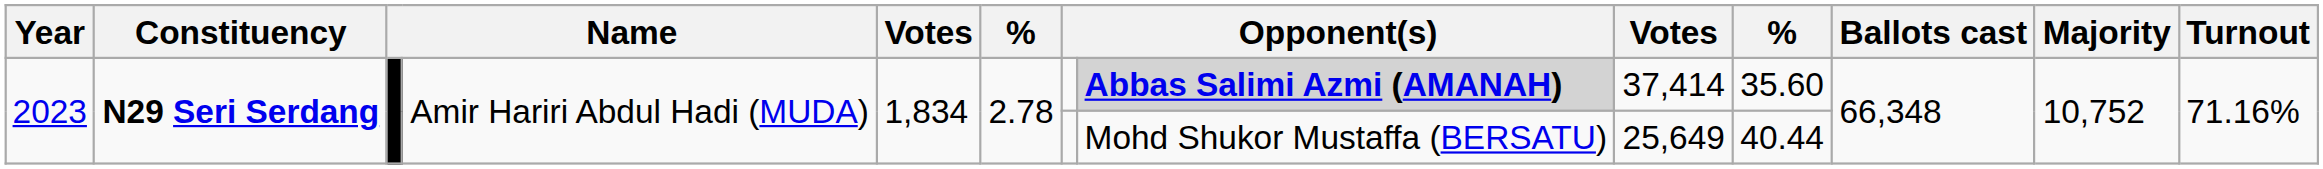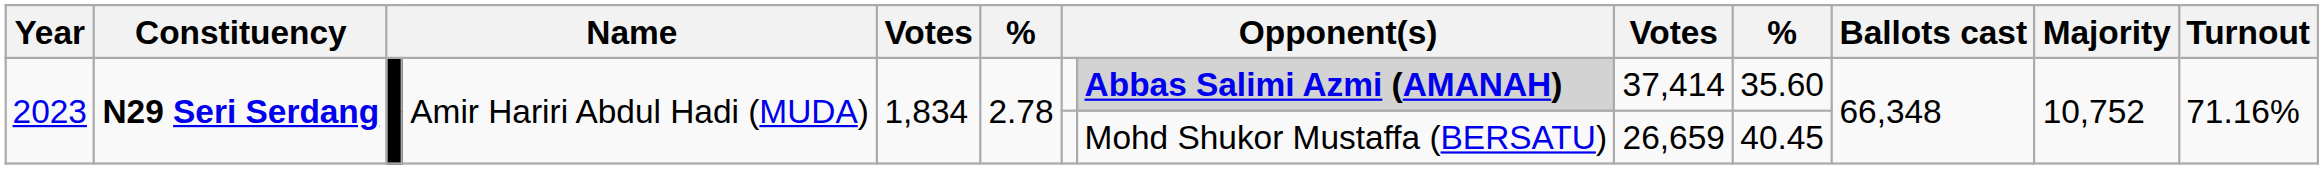 <table class="wikitable" style="margin:0.5em ; font-size:95%">
 <tr>
 <th>Year</th>
 <th>Constituency</th>
 <th colspan="2">Name</th>
 <th>Votes</th>
 <th>%</th>
 <th colspan="2">Opponent(s)</th>
 <th>Votes</th>
 <th>%</th>
 <th>Ballots cast</th>
 <th>Majority</th>
 <th>Turnout</th>
 </tr>
 <tr>
 <td rowspan="2"><a href='#'>2023</a></td>
 <td rowspan="2"><strong>N29 <a href='#'>Seri Serdang</a></strong></td>
 <td rowspan="2" bgcolor="black"></td>
 <td rowspan="2">Amir Hariri Abdul Hadi (<a href='#'>MUDA</a>)</td>
 <td rowspan="2">1,834</td>
 <td rowspan="2">2.78</td>
 <td></td>
 <td style="background: lightgrey;"><strong><a href='#'>Abbas Salimi Azmi</a> (<a href='#'>AMANAH</a>)</strong></td>
 <td>37,414</td>
 <td>35.60</td>
 <td rowspan="2">66,348</td>
 <td rowspan="2">10,752</td>
 <td rowspan="2">71.16%</td>
 </tr>
 <tr>
 <td></td>
 <td>Mohd Shukor Mustaffa (<a href='#'>BERSATU</a>)</td>
-<td>25,649</td>
-<td>40.44</td>
+<td>26,659</td>
+<td>40.45</td>
 </tr>
 </table>
